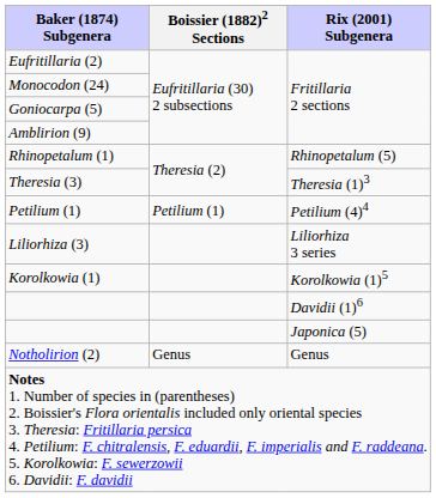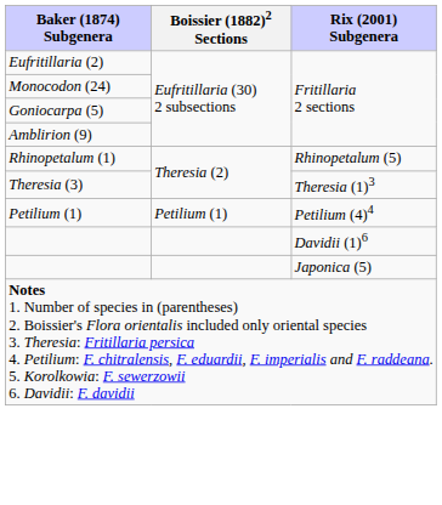 <table class="wikitable" border="1">
 <tr>
 <th style="background: #ccf;">Baker (1874)<br>Subgenera</th>
 <th>Boissier (1882)<sup>2</sup><br>Sections</th>
 <th style="background: #ccf;">Rix (2001)<br>Subgenera</th>
 </tr>
 <tr>
 <td><em>Eufritillaria</em> (2)</td>
 <td rowspan=4><em>Eufritillaria</em> (30)<br>2 subsections</td>
 <td rowspan=4><em>Fritillaria</em><br>2 sections</td>
 </tr>
 <tr>
 <td><em>Monocodon</em> (24)</td>
 </tr>
 <tr>
 <td><em>Goniocarpa</em> (5)</td>
 </tr>
 <tr>
 <td><em>Amblirion</em> (9)</td>
 </tr>
 <tr>
 <td><em>Rhinopetalum</em> (1)</td>
 <td rowspan=2><em>Theresia</em> (2)</td>
 <td><em>Rhinopetalum</em> (5)</td>
 </tr>
 <tr>
 <td><em>Theresia</em> (3)</td>
 <td><em>Theresia</em> (1)<sup>3</sup></td>
 </tr>
 <tr>
 <td><em>Petilium</em> (1)</td>
 <td><em>Petilium</em> (1)</td>
 <td><em>Petilium</em> (4)<sup>4</sup></td>
 </tr>
 <tr>
-<td><em>Liliorhiza</em> (3)</td>
-<td></td>
-<td><em>Liliorhiza</em><br>3 series</td>
-</tr>
-<tr>
-<td><em>Korolkowia</em> (1)</td>
-<td></td>
-<td><em>Korolkowia</em> (1)<sup>5</sup></td>
-</tr>
-<tr>
 <td></td>
 <td></td>
 <td><em>Davidii</em> (1)<sup>6</sup></td>
 </tr>
 <tr>
 <td></td>
 <td></td>
 <td><em>Japonica</em> (5)</td>
 </tr>
 <tr>
-<td><em><a href='#'>Notholirion</a></em> (2)</td>
-<td>Genus</td>
-<td>Genus</td>
-</tr>
-<tr>
 <td colspan=3><strong>Notes</strong><br>1. Number of species in (parentheses)<br> 2. Boissier's <em>Flora orientalis</em> included only oriental species<br> 3. <em>Theresia</em>: <em><a href='#'>Fritillaria persica</a></em><br> 4. <em>Petilium</em>:  <em><a href='#'>F. chitralensis</a>, <a href='#'>F. eduardii</a>, <a href='#'>F. imperialis</a> and <a href='#'>F. raddeana</a></em>.<br> 5. <em>Korolkowia</em>: <em><a href='#'>F. sewerzowii</a></em><br> 6. <em>Davidii</em>: <em><a href='#'>F. davidii</a></em></td>
 </tr>
 </table>
